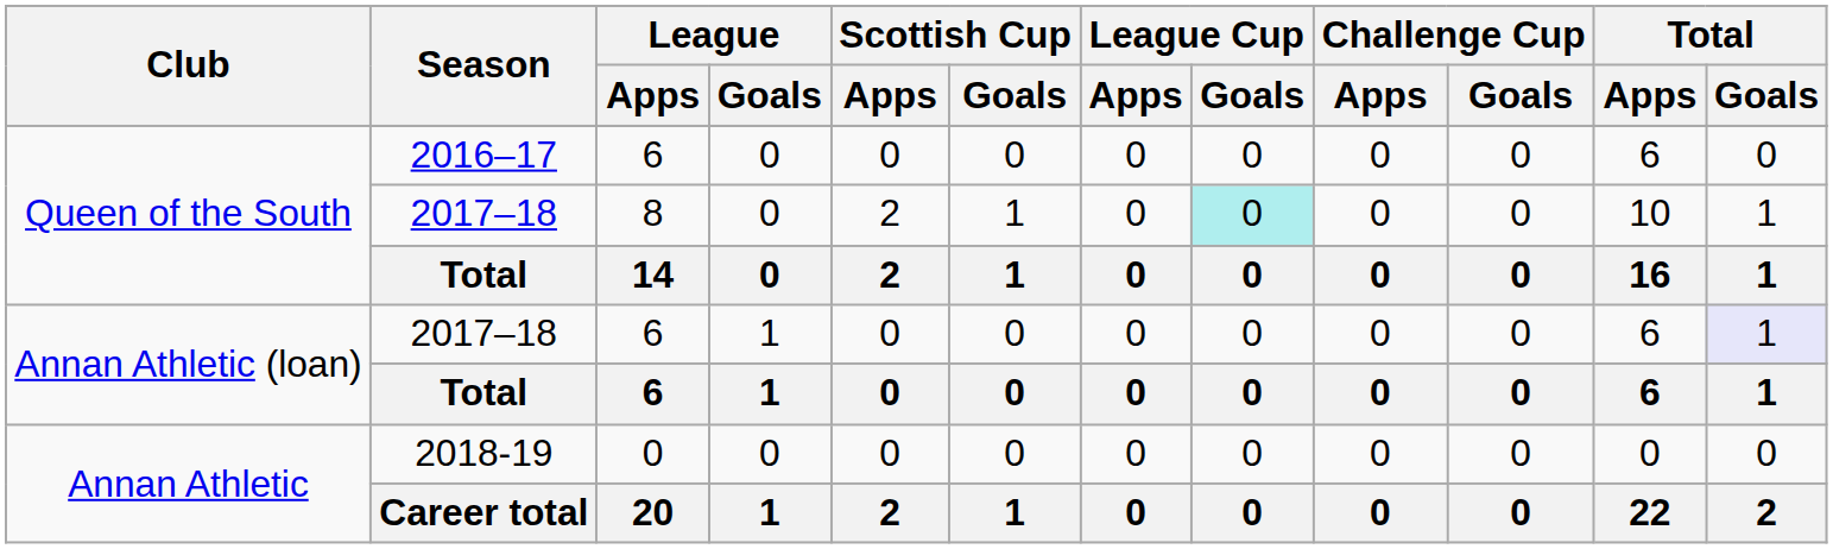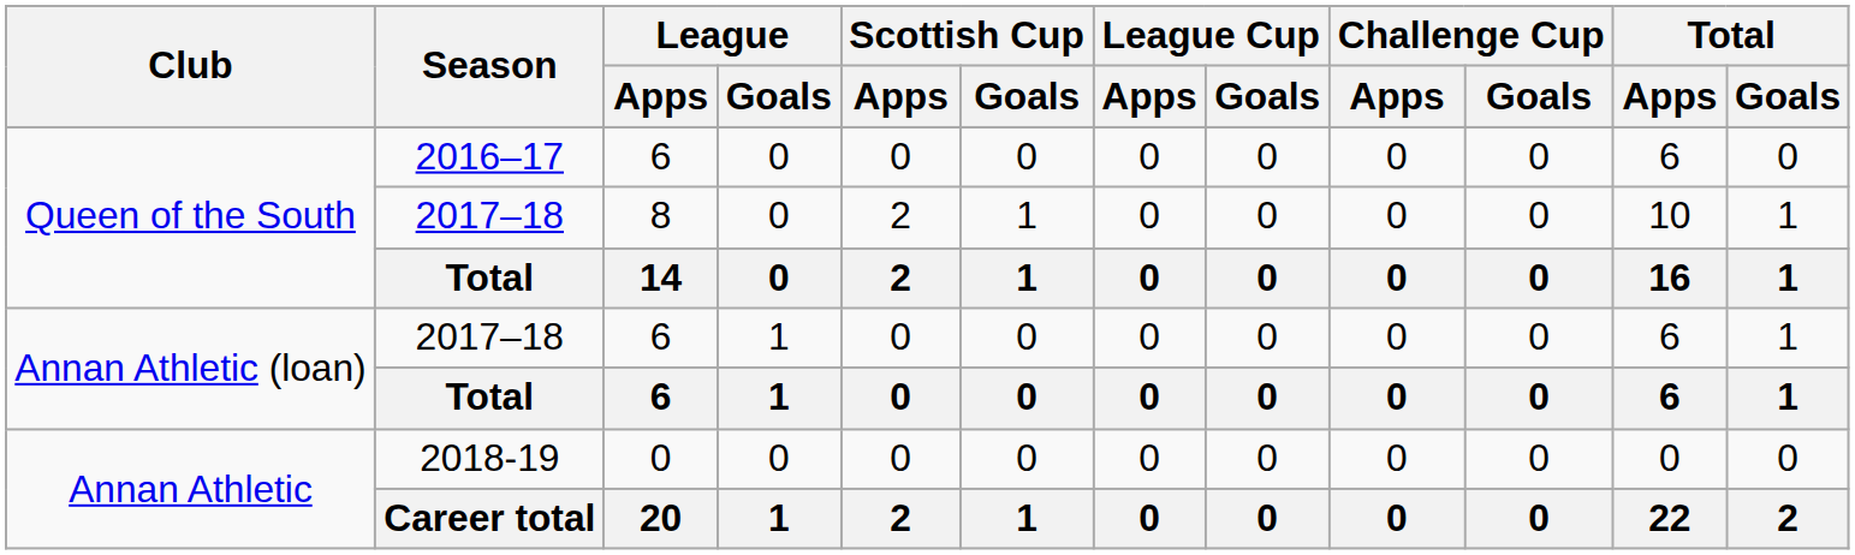 <table class="wikitable" style="text-align:center">
 <tr>
 <th rowspan="2">Club</th>
 <th rowspan="2">Season</th>
 <th colspan="2">League</th>
 <th colspan="2">Scottish Cup</th>
 <th colspan="2">League Cup</th>
 <th colspan="2">Challenge Cup</th>
 <th colspan="2">Total</th>
 </tr>
 <tr>
 <th>Apps</th>
 <th>Goals</th>
 <th>Apps</th>
 <th>Goals</th>
 <th>Apps</th>
 <th>Goals</th>
 <th>Apps</th>
 <th>Goals</th>
 <th>Apps</th>
 <th>Goals</th>
 </tr>
 <tr>
 <td rowspan="4"><a href='#'>Queen of the South</a></td>
 </tr>
 <tr>
 <td><a href='#'>2016–17</a></td>
 <td>6</td>
 <td>0</td>
 <td>0</td>
 <td>0</td>
 <td>0</td>
 <td>0</td>
 <td>0</td>
 <td>0</td>
 <td>6</td>
 <td>0</td>
 </tr>
 <tr>
 <td><a href='#'>2017–18</a></td>
 <td>8</td>
 <td>0</td>
 <td>2</td>
 <td>1</td>
 <td>0</td>
-<td style="background: paleturquoise;">0</td>
+<td>0</td>
 <td>0</td>
 <td>0</td>
 <td>10</td>
 <td>1</td>
 </tr>
 <tr>
 <th>Total</th>
 <th>14</th>
 <th>0</th>
 <th>2</th>
 <th>1</th>
 <th>0</th>
 <th>0</th>
 <th>0</th>
 <th>0</th>
 <th>16</th>
 <th>1</th>
 </tr>
 <tr>
 <td rowspan="2"><a href='#'>Annan Athletic</a> (loan)</td>
 <td>2017–18</td>
 <td>6</td>
 <td>1</td>
 <td>0</td>
 <td>0</td>
 <td>0</td>
 <td>0</td>
 <td>0</td>
 <td>0</td>
 <td>6</td>
-<td style="background: lavender;">1</td>
+<td>1</td>
 </tr>
 <tr>
 <th>Total</th>
 <th>6</th>
 <th>1</th>
 <th>0</th>
 <th>0</th>
 <th>0</th>
 <th>0</th>
 <th>0</th>
 <th>0</th>
 <th>6</th>
 <th>1</th>
 </tr>
 <tr>
 <td rowspan="2"><a href='#'>Annan Athletic</a></td>
 <td>2018-19</td>
 <td>0</td>
 <td>0</td>
 <td>0</td>
 <td>0</td>
 <td>0</td>
 <td>0</td>
 <td>0</td>
 <td>0</td>
 <td>0</td>
 <td>0</td>
 </tr>
 <tr>
 <th colspan="1">Career total</th>
 <th>20</th>
 <th>1</th>
 <th>2</th>
 <th>1</th>
 <th>0</th>
 <th>0</th>
 <th>0</th>
 <th>0</th>
 <th>22</th>
 <th>2</th>
 </tr>
 </table>
